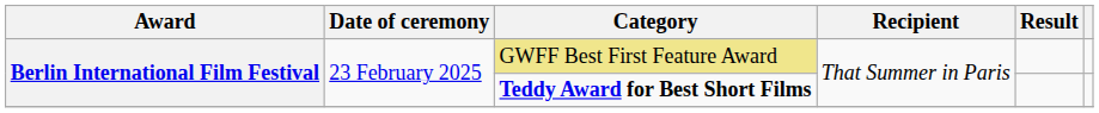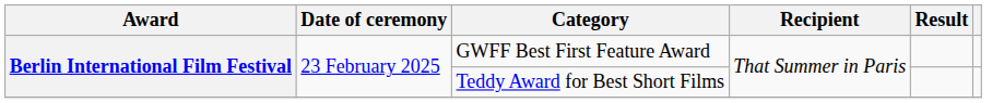 <table class="wikitable sortable plainrowheaders">
 <tr>
 <th>Award</th>
 <th>Date of ceremony</th>
 <th>Category</th>
 <th>Recipient</th>
 <th>Result</th>
 <th></th>
 </tr>
 <tr>
 <th scope="row" rowspan="2"><a href='#'>Berlin International Film Festival</a></th>
 <td rowspan="2"><a href='#'>23 February 2025</a></td>
-<td style="background: khaki;">GWFF Best First Feature Award</td>
+<td>GWFF Best First Feature Award</td>
 <td rowspan="2"><em>That Summer in Paris</em></td>
 <td></td>
 <td align="center"></td>
 </tr>
 <tr>
-<td><strong><a href='#'>Teddy Award</a> for Best Short Films</strong></td>
+<td><a href='#'>Teddy Award</a> for Best Short Films</td>
 <td></td>
 <td align="center" rowspan="1"></td>
 </tr>
 <tr>
 </tr>
 </table>
